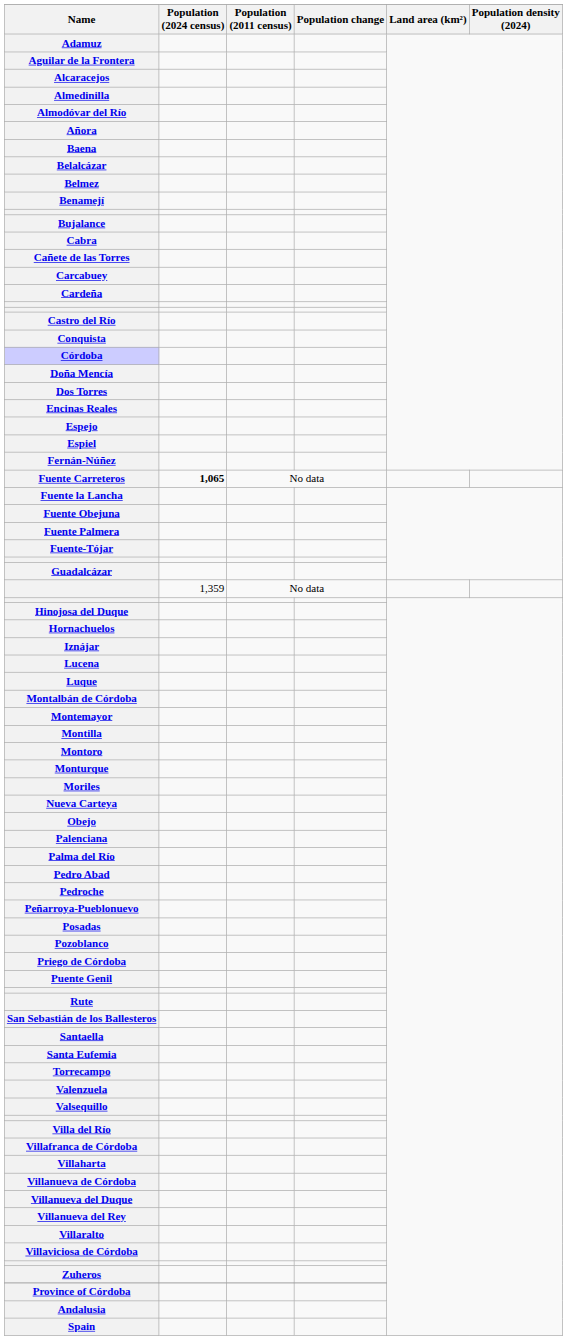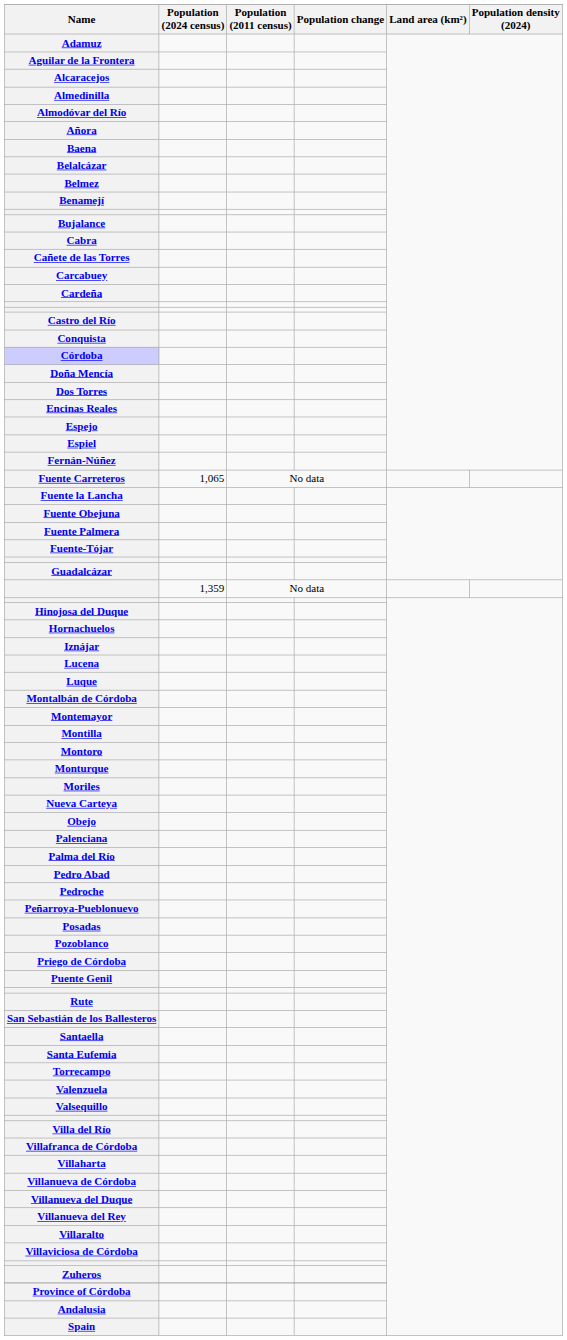 <table class="wikitable sortable sticky-header" style="text-align:right;">
 <tr>
 </tr>
 <tr>
 <th scope="col">Name</th>
 <th scope="col">Population<br>(2024 census)</th>
 <th scope="col">Population<br>(2011 census)</th>
 <th scope="col">Population change</th>
 <th scope="col" data-sort-type="number">Land area (km²)</th>
 <th scope="col" data-sort-type="number">Population density<br>(2024)</th>
 </tr>
 <tr>
 <th scope="row" align="center"><a href='#'>Adamuz</a></th>
 <td></td>
 <td></td>
 <td></td>
 </tr>
 <tr>
 <th scope="row" align="center"><a href='#'>Aguilar de la Frontera</a></th>
 <td></td>
 <td></td>
 <td></td>
 </tr>
 <tr>
 <th scope="row" align="center"><a href='#'>Alcaracejos</a></th>
 <td></td>
 <td></td>
 <td></td>
 </tr>
 <tr>
 <th scope="row" align="center"><a href='#'>Almedinilla</a></th>
 <td></td>
 <td></td>
 <td></td>
 </tr>
 <tr>
 <th scope="row" align="center"><a href='#'>Almodóvar del Río</a></th>
 <td></td>
 <td></td>
 <td></td>
 </tr>
 <tr>
 <th scope="row" align="center"><a href='#'>Añora</a></th>
 <td></td>
 <td></td>
 <td></td>
 </tr>
 <tr>
 <th scope="row" align="center"><a href='#'>Baena</a></th>
 <td></td>
 <td></td>
 <td></td>
 </tr>
 <tr>
 <th scope="row" align="center"><a href='#'>Belalcázar</a></th>
 <td></td>
 <td></td>
 <td></td>
 </tr>
 <tr>
 <th scope="row" align="center"><a href='#'>Belmez</a></th>
 <td></td>
 <td></td>
 <td></td>
 </tr>
 <tr>
 <th scope="row" align="center"><a href='#'>Benamejí</a></th>
 <td></td>
 <td></td>
 <td></td>
 </tr>
 <tr>
 <th scope="row" align="center"></th>
 <td></td>
 <td></td>
 <td></td>
 </tr>
 <tr>
 <th scope="row" align="center"><a href='#'>Bujalance</a></th>
 <td></td>
 <td></td>
 <td></td>
 </tr>
 <tr>
 <th scope="row" align="center"><a href='#'>Cabra</a></th>
 <td></td>
 <td></td>
 <td></td>
 </tr>
 <tr>
 <th scope="row" align="center"><a href='#'>Cañete de las Torres</a></th>
 <td></td>
 <td></td>
 <td></td>
 </tr>
 <tr>
 <th scope="row" align="center"><a href='#'>Carcabuey</a></th>
 <td></td>
 <td></td>
 <td></td>
 </tr>
 <tr>
 <th scope="row" align="center"><a href='#'>Cardeña</a></th>
 <td></td>
 <td></td>
 <td></td>
 </tr>
 <tr>
 <th scope="row" align="center"></th>
 <td></td>
 <td></td>
 <td></td>
 </tr>
 <tr>
 <th scope="row" align="center"></th>
 <td></td>
 <td></td>
 <td></td>
 </tr>
 <tr>
 <th scope="row" align="center"><a href='#'>Castro del Río</a></th>
 <td></td>
 <td></td>
 <td></td>
 </tr>
 <tr>
 <th scope="row" align="center"><a href='#'>Conquista</a></th>
 <td></td>
 <td></td>
 <td></td>
 </tr>
 <tr>
 <th scope="row" align="left" style="background:#CCF;"><a href='#'>Córdoba</a></th>
 <td></td>
 <td></td>
 <td></td>
 </tr>
 <tr>
 <th scope="row" align="center"><a href='#'>Doña Mencía</a></th>
 <td></td>
 <td></td>
 <td></td>
 </tr>
 <tr>
 <th scope="row" align="center"><a href='#'>Dos Torres</a></th>
 <td></td>
 <td></td>
 <td></td>
 </tr>
 <tr>
 <th scope="row" align="center"><a href='#'>Encinas Reales</a></th>
 <td></td>
 <td></td>
 <td></td>
 </tr>
 <tr>
 <th scope="row" align="center"><a href='#'>Espejo</a></th>
 <td></td>
 <td></td>
 <td></td>
 </tr>
 <tr>
 <th scope="row" align="center"><a href='#'>Espiel</a></th>
 <td></td>
 <td></td>
 <td></td>
 </tr>
 <tr>
 <th scope="row" align="center"><a href='#'>Fernán-Núñez</a></th>
 <td></td>
 <td></td>
 <td></td>
 </tr>
 <tr>
 <th scope="row" align="center"><a href='#'>Fuente Carreteros</a></th>
-<td align="right"><strong>1,065</strong></td>
+<td align="right">1,065</td>
 <td colspan=2 align="center">No data</td>
 <td></td>
 <td></td>
 </tr>
 <tr>
 <th scope="row" align="center"><a href='#'>Fuente la Lancha</a></th>
 <td></td>
 <td></td>
 <td></td>
 </tr>
 <tr>
 <th scope="row" align="center"><a href='#'>Fuente Obejuna</a></th>
 <td></td>
 <td></td>
 <td></td>
 </tr>
 <tr>
 <th scope="row" align="center"><a href='#'>Fuente Palmera</a></th>
 <td></td>
 <td></td>
 <td></td>
 </tr>
 <tr>
 <th scope="row" align="center"><a href='#'>Fuente-Tójar</a></th>
 <td></td>
 <td></td>
 <td></td>
 </tr>
 <tr>
 <th scope="row" align="center"></th>
 <td></td>
 <td></td>
 <td></td>
 </tr>
 <tr>
 <th scope="row" align="center"><a href='#'>Guadalcázar</a></th>
 <td></td>
 <td></td>
 <td></td>
 </tr>
 <tr>
 <th scope="row" align="center"></th>
 <td align="right">1,359</td>
 <td colspan=2 align="center">No data</td>
 <td></td>
 <td></td>
 </tr>
 <tr>
 <th scope="row" align="center"></th>
 <td></td>
 <td></td>
 <td></td>
 </tr>
 <tr>
 <th scope="row" align="center"><a href='#'>Hinojosa del Duque</a></th>
 <td></td>
 <td></td>
 <td></td>
 </tr>
 <tr>
 <th scope="row" align="center"><a href='#'>Hornachuelos</a></th>
 <td></td>
 <td></td>
 <td></td>
 </tr>
 <tr>
 <th scope="row" align="center"><a href='#'>Iznájar</a></th>
 <td></td>
 <td></td>
 <td></td>
 </tr>
 <tr>
 <th scope="row" align="center"><a href='#'>Lucena</a></th>
 <td></td>
 <td></td>
 <td></td>
 </tr>
 <tr>
 <th scope="row" align="center"><a href='#'>Luque</a></th>
 <td></td>
 <td></td>
 <td></td>
 </tr>
 <tr>
 <th scope="row" align="center"><a href='#'>Montalbán de Córdoba</a></th>
 <td></td>
 <td></td>
 <td></td>
 </tr>
 <tr>
 <th scope="row" align="center"><a href='#'>Montemayor</a></th>
 <td></td>
 <td></td>
 <td></td>
 </tr>
 <tr>
 <th scope="row" align="center"><a href='#'>Montilla</a></th>
 <td></td>
 <td></td>
 <td></td>
 </tr>
 <tr>
 <th scope="row" align="center"><a href='#'>Montoro</a></th>
 <td></td>
 <td></td>
 <td></td>
 </tr>
 <tr>
 <th scope="row" align="center"><a href='#'>Monturque</a></th>
 <td></td>
 <td></td>
 <td></td>
 </tr>
 <tr>
 <th scope="row" align="center"><a href='#'>Moriles</a></th>
 <td></td>
 <td></td>
 <td></td>
 </tr>
 <tr>
 <th scope="row" align="center"><a href='#'>Nueva Carteya</a></th>
 <td></td>
 <td></td>
 <td></td>
 </tr>
 <tr>
 <th scope="row" align="center"><a href='#'>Obejo</a></th>
 <td></td>
 <td></td>
 <td></td>
 </tr>
 <tr>
 <th scope="row" align="center"><a href='#'>Palenciana</a></th>
 <td></td>
 <td></td>
 <td></td>
 </tr>
 <tr>
 <th scope="row" align="center"><a href='#'>Palma del Río</a></th>
 <td></td>
 <td></td>
 <td></td>
 </tr>
 <tr>
 <th scope="row" align="center"><a href='#'>Pedro Abad</a></th>
 <td></td>
 <td></td>
 <td></td>
 </tr>
 <tr>
 <th scope="row" align="center"><a href='#'>Pedroche</a></th>
 <td></td>
 <td></td>
 <td></td>
 </tr>
 <tr>
 <th scope="row" align="center"><a href='#'>Peñarroya-Pueblonuevo</a></th>
 <td></td>
 <td></td>
 <td></td>
 </tr>
 <tr>
 <th scope="row" align="center"><a href='#'>Posadas</a></th>
 <td></td>
 <td></td>
 <td></td>
 </tr>
 <tr>
 <th scope="row" align="center"><a href='#'>Pozoblanco</a></th>
 <td></td>
 <td></td>
 <td></td>
 </tr>
 <tr>
 <th scope="row" align="center"><a href='#'>Priego de Córdoba</a></th>
 <td></td>
 <td></td>
 <td></td>
 </tr>
 <tr>
 <th scope="row" align="center"><a href='#'>Puente Genil</a></th>
 <td></td>
 <td></td>
 <td></td>
 </tr>
 <tr>
 <th scope="row" align="center"></th>
 <td></td>
 <td></td>
 <td></td>
 </tr>
 <tr>
 <th scope="row" align="center"><a href='#'>Rute</a></th>
 <td></td>
 <td></td>
 <td></td>
 </tr>
 <tr>
 <th scope="row" align="center"><a href='#'>San Sebastián de los Ballesteros</a></th>
 <td></td>
 <td></td>
 <td></td>
 </tr>
 <tr>
 <th scope="row" align="center"><a href='#'>Santaella</a></th>
 <td></td>
 <td></td>
 <td></td>
 </tr>
 <tr>
 <th scope="row" align="center"><a href='#'>Santa Eufemia</a></th>
 <td></td>
 <td></td>
 <td></td>
 </tr>
 <tr>
 <th scope="row" align="center"><a href='#'>Torrecampo</a></th>
 <td></td>
 <td></td>
 <td></td>
 </tr>
 <tr>
 <th scope="row" align="center"><a href='#'>Valenzuela</a></th>
 <td></td>
 <td></td>
 <td></td>
 </tr>
 <tr>
 <th scope="row" align="center"><a href='#'>Valsequillo</a></th>
 <td></td>
 <td></td>
 <td></td>
 </tr>
 <tr>
 <th scope="row" align="center"></th>
 <td></td>
 <td></td>
 <td></td>
 </tr>
 <tr>
 <th scope="row" align="center"><a href='#'>Villa del Río</a></th>
 <td></td>
 <td></td>
 <td></td>
 </tr>
 <tr>
 <th scope="row" align="center"><a href='#'>Villafranca de Córdoba</a></th>
 <td></td>
 <td></td>
 <td></td>
 </tr>
 <tr>
 <th scope="row" align="center"><a href='#'>Villaharta</a></th>
 <td></td>
 <td></td>
 <td></td>
 </tr>
 <tr>
 <th scope="row" align="center"><a href='#'>Villanueva de Córdoba</a></th>
 <td></td>
 <td></td>
 <td></td>
 </tr>
 <tr>
 <th scope="row" align="center"><a href='#'>Villanueva del Duque</a></th>
 <td></td>
 <td></td>
 <td></td>
 </tr>
 <tr>
 <th scope="row" align="center"><a href='#'>Villanueva del Rey</a></th>
 <td></td>
 <td></td>
 <td></td>
 </tr>
 <tr>
 <th scope="row" align="center"><a href='#'>Villaralto</a></th>
 <td></td>
 <td></td>
 <td></td>
 </tr>
 <tr>
 <th scope="row" align="center"><a href='#'>Villaviciosa de Córdoba</a></th>
 <td></td>
 <td></td>
 <td></td>
 </tr>
 <tr>
 <th scope="row" align="center"></th>
 <td></td>
 <td></td>
 <td></td>
 </tr>
 <tr>
 <th scope="row" align="center"><a href='#'>Zuheros</a></th>
 <td></td>
 <td></td>
 <td></td>
 </tr>
 <tr>
 </tr>
 <tr class="sortbottom" style="text-align:center;" style="background: #f2f2f2;">
 <th scope="row" align="center"><strong><a href='#'>Province of Córdoba</a></strong></th>
 <td></td>
 <td><strong></strong></td>
 <td align="right"><strong></strong></td>
 </tr>
 <tr class="sortbottom" style="text-align:center;" style="background: #f2f2f2;">
 <th scope="row" align="center"><strong><a href='#'>Andalusia</a></strong></th>
 <td></td>
 <td><strong></strong></td>
 <td align="right"><strong></strong></td>
 </tr>
 <tr class="sortbottom" style="text-align:center;" style="background: #f2f2f2;">
 <th scope="row" align="center"><strong><a href='#'>Spain</a></strong></th>
 <td></td>
 <td><strong></strong></td>
 <td align="right"><strong></strong></td>
 </tr>
 </table>
